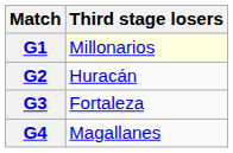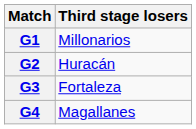 <table class="wikitable">
 <tr>
 <th>Match</th>
 <th>Third stage losers</th>
 </tr>
 <tr>
 <th><a href='#'>G1</a></th>
-<td style="background: lightyellow;"> <a href='#'>Millonarios</a></td>
+<td> <a href='#'>Millonarios</a></td>
 </tr>
 <tr>
 <th><a href='#'>G2</a></th>
 <td> <a href='#'>Huracán</a></td>
 </tr>
 <tr>
 <th><a href='#'>G3</a></th>
 <td> <a href='#'>Fortaleza</a></td>
 </tr>
 <tr>
 <th><a href='#'>G4</a></th>
 <td> <a href='#'>Magallanes</a></td>
 </tr>
 </table>
